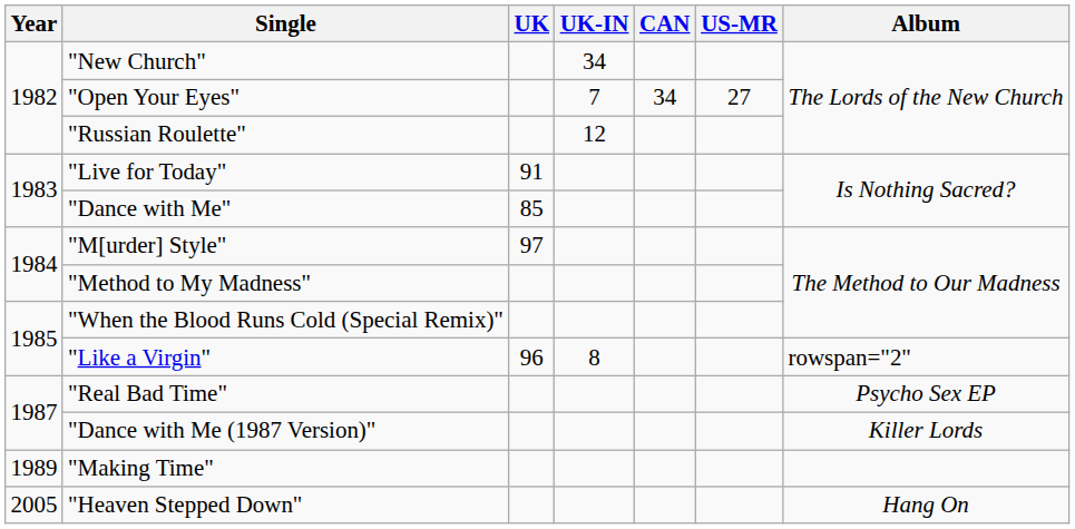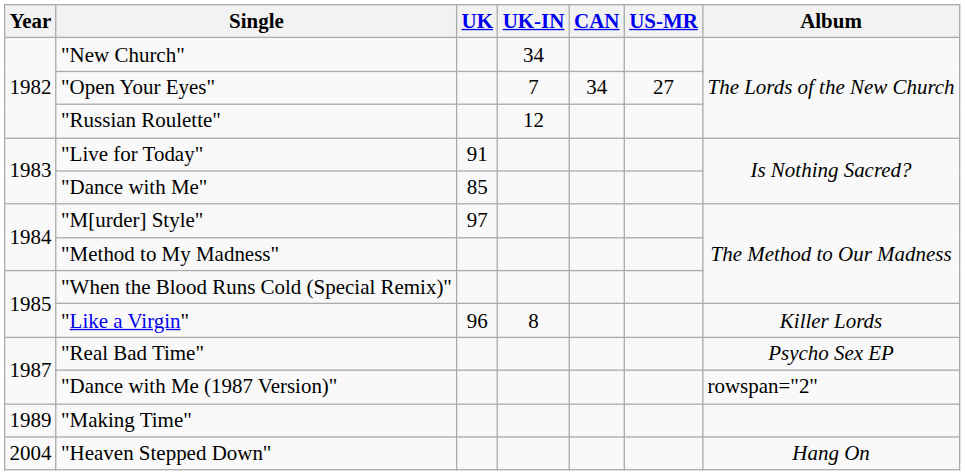 <table class="wikitable">
 <tr>
 <th>Year</th>
 <th>Single</th>
 <th><a href='#'>UK</a><br></th>
 <th><a href='#'>UK-IN</a><br></th>
 <th><a href='#'>CAN</a><br></th>
 <th><a href='#'>US-MR</a><br></th>
 <th>Album</th>
 </tr>
 <tr>
 <td rowspan="3">1982</td>
 <td>"New Church"</td>
 <td style="text-align:center;"></td>
 <td style="text-align:center;">34</td>
 <td style="text-align:center;"></td>
 <td style="text-align:center;"></td>
 <td align="center"rowspan="3"><em>The Lords of the New Church</em></td>
 </tr>
 <tr>
 <td>"Open Your Eyes"</td>
 <td style="text-align:center;"></td>
 <td style="text-align:center;">7</td>
 <td style="text-align:center;">34</td>
 <td style="text-align:center;">27</td>
 </tr>
 <tr>
 <td>"Russian Roulette"</td>
 <td style="text-align:center;"></td>
 <td style="text-align:center;">12</td>
 <td style="text-align:center;"></td>
 <td style="text-align:center;"></td>
 </tr>
 <tr>
 <td rowspan="2">1983</td>
 <td>"Live for Today"</td>
 <td style="text-align:center;">91</td>
 <td style="text-align:center;"></td>
 <td style="text-align:center;"></td>
 <td style="text-align:center;"></td>
 <td align="center" rowspan="2"><em>Is Nothing Sacred?</em></td>
 </tr>
 <tr>
 <td>"Dance with Me"</td>
 <td style="text-align:center;">85</td>
 <td style="text-align:center;"></td>
 <td style="text-align:center;"></td>
 <td style="text-align:center;"></td>
 </tr>
 <tr>
 <td rowspan="2">1984</td>
 <td>"M[urder] Style"</td>
 <td style="text-align:center;">97</td>
 <td style="text-align:center;"></td>
 <td style="text-align:center;"></td>
 <td style="text-align:center;"></td>
 <td align="center" rowspan="3"><em>The Method to Our Madness</em></td>
 </tr>
 <tr>
 <td>"Method to My Madness"</td>
 <td style="text-align:center;"></td>
 <td style="text-align:center;"></td>
 <td style="text-align:center;"></td>
 <td style="text-align:center;"></td>
 </tr>
 <tr>
 <td rowspan="2">1985</td>
 <td>"When the Blood Runs Cold (Special Remix)"</td>
 <td style="text-align:center;"></td>
 <td style="text-align:center;"></td>
 <td style="text-align:center;"></td>
 <td style="text-align:center;"></td>
 </tr>
 <tr>
 <td>"<a href='#'>Like a Virgin</a>"</td>
 <td style="text-align:center;">96</td>
 <td style="text-align:center;">8</td>
 <td style="text-align:center;"></td>
 <td style="text-align:center;"></td>
-<td>rowspan="2" </td>
+<td align="center"><em>Killer Lords</em></td>
 </tr>
 <tr>
 <td rowspan="2">1987</td>
 <td>"Real Bad Time"</td>
 <td style="text-align:center;"></td>
 <td style="text-align:center;"></td>
 <td style="text-align:center;"></td>
 <td style="text-align:center;"></td>
 <td align="center"><em>Psycho Sex EP</em></td>
 </tr>
 <tr>
 <td>"Dance with Me (1987 Version)"</td>
 <td style="text-align:center;"></td>
 <td style="text-align:center;"></td>
 <td style="text-align:center;"></td>
 <td style="text-align:center;"></td>
-<td align="center"><em>Killer Lords</em></td>
+<td>rowspan="2" </td>
 </tr>
 <tr>
 <td>1989</td>
 <td>"Making Time"</td>
 <td style="text-align:center;"></td>
 <td style="text-align:center;"></td>
 <td style="text-align:center;"></td>
 <td style="text-align:center;"></td>
 </tr>
 <tr>
-<td>2005</td>
+<td>2004</td>
 <td>"Heaven Stepped Down"</td>
 <td style="text-align:center;"></td>
 <td style="text-align:center;"></td>
 <td style="text-align:center;"></td>
 <td style="text-align:center;"></td>
 <td align="center"><em>Hang On</em></td>
 </tr>
 </table>
